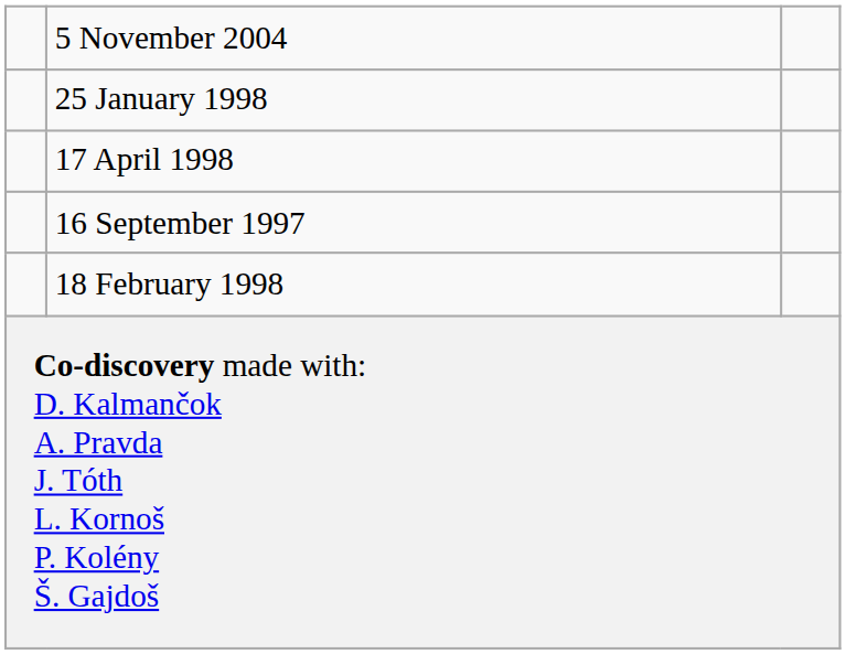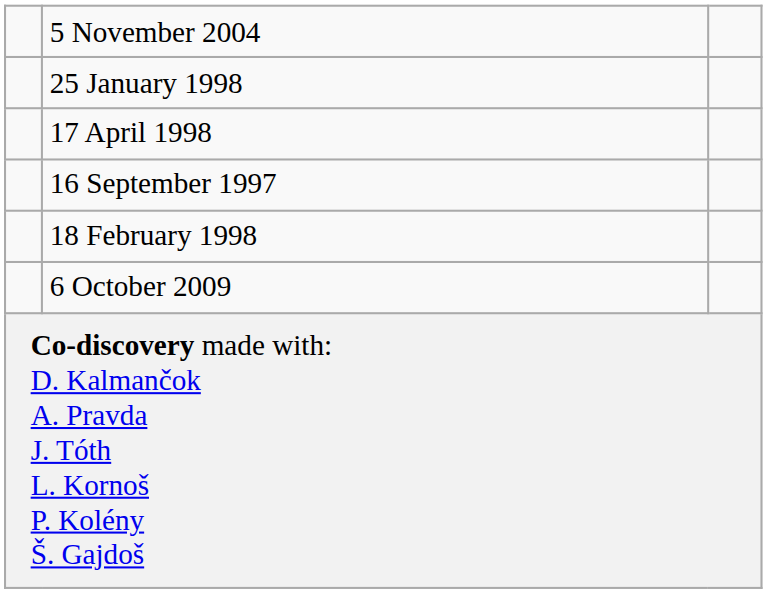 <table class="wikitable" style="font-size: 89%; float: left; width: 26em; margin-right: 1em; height: 285px;">
 <tr>
 <td></td>
 <td>5 November 2004</td>
 <td></td>
 </tr>
 <tr>
 <td></td>
 <td>25 January 1998</td>
 <td></td>
 </tr>
 <tr>
 <td></td>
 <td>17 April 1998</td>
 <td> </td>
 </tr>
 <tr>
 <td></td>
 <td>16 September 1997</td>
 <td> </td>
 </tr>
 <tr>
 <td></td>
 <td>18 February 1998</td>
 <td> </td>
 </tr>
 <tr>
+<td></td>
+<td>6 October 2009</td>
+<td></td>
+</tr>
+<tr>
 <th colspan=3 style="font-weight: normal; text-align: left; padding: 4px 12px;"><strong>Co-discovery</strong> made with:<br> <a href='#'>D. Kalmančok</a><br> <a href='#'>A. Pravda</a><br> <a href='#'>J. Tóth</a><br> <a href='#'>L. Kornoš</a><br> <a href='#'>P. Kolény</a><br> <a href='#'>Š. Gajdoš</a></th>
 </tr>
 </table>
